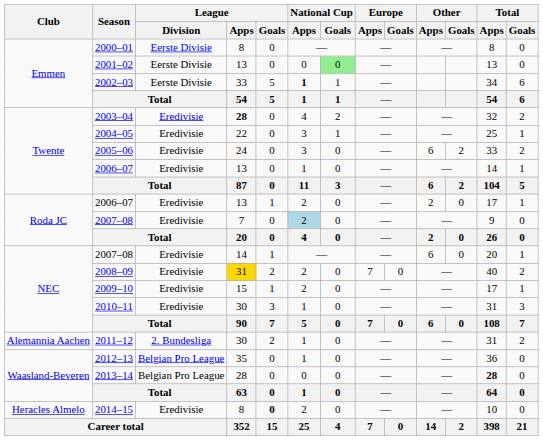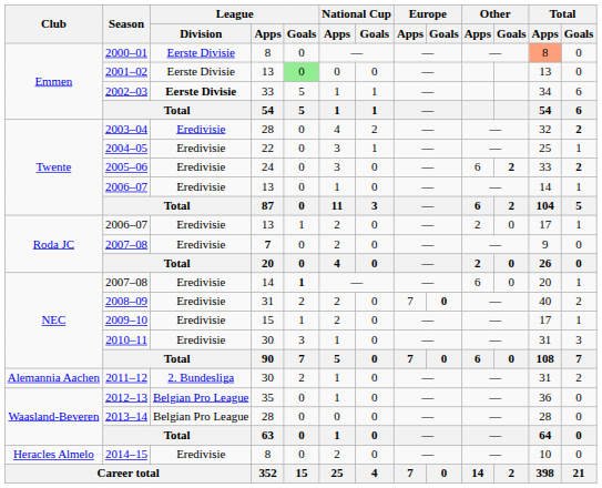 <table class="wikitable" style="text-align: center;">
 <tr>
 <th rowspan="2">Club</th>
 <th rowspan="2">Season</th>
 <th colspan="3">League</th>
 <th colspan="2">National Cup</th>
 <th colspan="2">Europe</th>
 <th colspan="2">Other</th>
 <th colspan="2">Total</th>
 </tr>
 <tr>
 <th>Division</th>
 <th>Apps</th>
 <th>Goals</th>
 <th>Apps</th>
 <th>Goals</th>
 <th>Apps</th>
 <th>Goals</th>
 <th>Apps</th>
 <th>Goals</th>
 <th>Apps</th>
 <th>Goals</th>
 </tr>
 <tr>
 <td rowspan="4"><a href='#'>Emmen</a></td>
 <td><a href='#'>2000–01</a></td>
 <td><a href='#'>Eerste Divisie</a></td>
 <td>8</td>
 <td>0</td>
 <td colspan="2">—</td>
 <td colspan="2">—</td>
 <td colspan="2">—</td>
-<td>8</td>
+<td style="background: lightsalmon;">8</td>
 <td>0</td>
 </tr>
 <tr>
 <td><a href='#'>2001–02</a></td>
 <td>Eerste Divisie</td>
 <td>13</td>
+<td style="background: lightgreen;">0</td>
 <td>0</td>
 <td>0</td>
-<td style="background: lightgreen;">0</td>
 <td colspan="2">—</td>
 <td></td>
 <td></td>
 <td>13</td>
 <td>0</td>
 </tr>
 <tr>
 <td><a href='#'>2002–03</a></td>
-<td>Eerste Divisie</td>
+<td><strong>Eerste Divisie</strong></td>
 <td>33</td>
 <td>5</td>
-<td><strong>1</strong></td>
+<td>1</td>
 <td>1</td>
 <td colspan="2">—</td>
 <td></td>
 <td></td>
 <td>34</td>
 <td>6</td>
 </tr>
 <tr>
 <th colspan="2">Total</th>
 <th>54</th>
 <th>5</th>
 <th>1</th>
 <th>1</th>
 <th colspan="2">—</th>
 <th></th>
 <th></th>
 <th>54</th>
 <th>6</th>
 </tr>
 <tr>
 <td rowspan="5"><a href='#'>Twente</a></td>
 <td><a href='#'>2003–04</a></td>
 <td><a href='#'>Eredivisie</a></td>
-<td><strong>28</strong></td>
+<td>28</td>
 <td>0</td>
 <td>4</td>
 <td>2</td>
 <td colspan="2">—</td>
 <td colspan="2">—</td>
 <td>32</td>
-<td>2</td>
+<td><strong>2</strong></td>
 </tr>
 <tr>
 <td><a href='#'>2004–05</a></td>
 <td>Eredivisie</td>
 <td>22</td>
 <td>0</td>
 <td>3</td>
 <td>1</td>
 <td colspan="2">—</td>
 <td colspan="2">—</td>
 <td>25</td>
 <td>1</td>
 </tr>
 <tr>
 <td><a href='#'>2005–06</a></td>
 <td>Eredivisie</td>
 <td>24</td>
 <td>0</td>
 <td>3</td>
 <td>0</td>
 <td colspan="2">—</td>
 <td>6</td>
-<td>2</td>
+<td><strong>2</strong></td>
 <td>33</td>
-<td>2</td>
+<td><strong>2</strong></td>
 </tr>
 <tr>
 <td><a href='#'>2006–07</a></td>
 <td>Eredivisie</td>
 <td>13</td>
 <td>0</td>
 <td>1</td>
 <td>0</td>
 <td colspan="2">—</td>
 <td colspan="2">—</td>
 <td>14</td>
 <td>1</td>
 </tr>
 <tr>
 <th colspan="2">Total</th>
 <th>87</th>
 <th>0</th>
 <th>11</th>
 <th>3</th>
 <th colspan="2">—</th>
 <th>6</th>
 <th>2</th>
 <th>104</th>
 <th>5</th>
 </tr>
 <tr>
 <td rowspan="3"><a href='#'>Roda JC</a></td>
 <td>2006–07</td>
 <td>Eredivisie</td>
 <td>13</td>
 <td>1</td>
 <td>2</td>
 <td>0</td>
 <td colspan="2">—</td>
 <td>2</td>
 <td>0</td>
 <td>17</td>
 <td>1</td>
 </tr>
 <tr>
 <td><a href='#'>2007–08</a></td>
 <td>Eredivisie</td>
-<td>7</td>
+<td><strong>7</strong></td>
 <td>0</td>
-<td style="background: lightblue;">2</td>
+<td>2</td>
 <td>0</td>
 <td colspan="2">—</td>
 <td colspan="2">—</td>
 <td>9</td>
 <td>0</td>
 </tr>
 <tr>
 <th colspan="2">Total</th>
 <th>20</th>
 <th>0</th>
 <th>4</th>
 <th>0</th>
 <th colspan="2">—</th>
 <th>2</th>
 <th>0</th>
 <th>26</th>
 <th>0</th>
 </tr>
 <tr>
 <td rowspan="5"><a href='#'>NEC</a></td>
 <td>2007–08</td>
 <td>Eredivisie</td>
 <td>14</td>
-<td>1</td>
+<td><strong>1</strong></td>
 <td colspan="2">—</td>
 <td colspan="2">—</td>
 <td>6</td>
 <td>0</td>
 <td>20</td>
 <td>1</td>
 </tr>
 <tr>
 <td><a href='#'>2008–09</a></td>
 <td>Eredivisie</td>
-<td style="background: gold;">31</td>
+<td>31</td>
 <td>2</td>
 <td>2</td>
 <td>0</td>
 <td>7</td>
-<td>0</td>
+<td><strong>0</strong></td>
 <td colspan="2">—</td>
 <td>40</td>
 <td>2</td>
 </tr>
 <tr>
 <td><a href='#'>2009–10</a></td>
 <td>Eredivisie</td>
 <td>15</td>
 <td>1</td>
 <td>2</td>
 <td>0</td>
 <td colspan="2">—</td>
 <td colspan="2">—</td>
 <td>17</td>
 <td>1</td>
 </tr>
 <tr>
 <td><a href='#'>2010–11</a></td>
 <td>Eredivisie</td>
 <td>30</td>
 <td>3</td>
 <td>1</td>
 <td>0</td>
 <td colspan="2">—</td>
 <td colspan="2">—</td>
 <td>31</td>
 <td>3</td>
 </tr>
 <tr>
 <th colspan="2">Total</th>
 <th>90</th>
 <th>7</th>
 <th>5</th>
 <th>0</th>
 <th>7</th>
 <th>0</th>
 <th>6</th>
 <th>0</th>
 <th>108</th>
 <th>7</th>
 </tr>
 <tr>
 <td><a href='#'>Alemannia Aachen</a></td>
 <td><a href='#'>2011–12</a></td>
 <td><a href='#'>2. Bundesliga</a></td>
 <td>30</td>
 <td>2</td>
 <td>1</td>
 <td>0</td>
 <td colspan="2">—</td>
 <td colspan="2">—</td>
 <td>31</td>
 <td>2</td>
 </tr>
 <tr>
 <td rowspan="3"><a href='#'>Waasland-Beveren</a></td>
 <td><a href='#'>2012–13</a></td>
 <td><a href='#'>Belgian Pro League</a></td>
 <td>35</td>
 <td>0</td>
 <td>1</td>
 <td>0</td>
 <td colspan="2">—</td>
 <td colspan="2">—</td>
 <td>36</td>
 <td>0</td>
 </tr>
 <tr>
 <td><a href='#'>2013–14</a></td>
 <td>Belgian Pro League</td>
 <td>28</td>
 <td>0</td>
 <td>0</td>
 <td>0</td>
 <td colspan="2">—</td>
 <td colspan="2">—</td>
-<td><strong>28</strong></td>
+<td>28</td>
 <td>0</td>
 </tr>
 <tr>
 <th colspan="2">Total</th>
 <th>63</th>
 <th>0</th>
 <th>1</th>
 <th>0</th>
 <th colspan="2">—</th>
 <th colspan="2">—</th>
 <th>64</th>
 <th>0</th>
 </tr>
 <tr>
 <td><a href='#'>Heracles Almelo</a></td>
 <td><a href='#'>2014–15</a></td>
 <td>Eredivisie</td>
 <td>8</td>
-<td><strong>0</strong></td>
+<td>0</td>
 <td>2</td>
 <td>0</td>
 <td colspan="2">—</td>
 <td colspan="2">—</td>
 <td>10</td>
 <td>0</td>
 </tr>
 <tr>
 <th colspan="3">Career total</th>
 <th>352</th>
 <th>15</th>
 <th>25</th>
 <th>4</th>
 <th>7</th>
 <th>0</th>
 <th>14</th>
 <th>2</th>
 <th>398</th>
 <th>21</th>
 </tr>
 </table>
